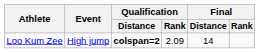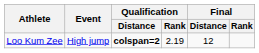 <table class="wikitable" style="font-size:90%">
 <tr>
 <th rowspan="2">Athlete</th>
 <th rowspan="2">Event</th>
 <th colspan="2">Qualification</th>
 <th colspan="2">Final</th>
 </tr>
 <tr style="font-size:95%">
 <th>Distance</th>
 <th>Rank</th>
 <th>Distance</th>
 <th>Rank</th>
 </tr>
 <tr align=center>
 <td align=left><a href='#'>Loo Kum Zee</a></td>
 <td align=left><a href='#'>High jump</a></td>
 <td><strong>colspan=2 </strong></td>
-<td>2.09</td>
-<td>14</td>
+<td>2.19</td>
+<td>12</td>
 </tr>
 </table>
